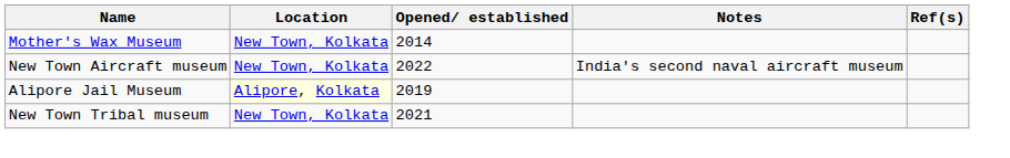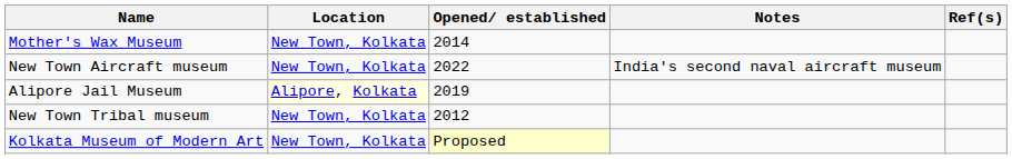 <table class="wikitable">
 <tr>
 <th>Name</th>
 <th>Location</th>
 <th>Opened/ established</th>
 <th>Notes</th>
 <th>Ref(s)</th>
 </tr>
 <tr>
 <td><a href='#'>Mother's Wax Museum</a></td>
 <td><a href='#'>New Town, Kolkata</a></td>
 <td>2014</td>
 <td></td>
 <td></td>
 </tr>
 <tr>
 <td>New Town Aircraft museum</td>
 <td><a href='#'>New Town, Kolkata</a></td>
 <td>2022</td>
 <td>India's second naval aircraft museum</td>
 <td></td>
 </tr>
 <tr>
 <td>Alipore Jail Museum</td>
 <td style="background: lightyellow;"><a href='#'>Alipore</a>, <a href='#'>Kolkata</a></td>
 <td>2019</td>
 <td></td>
 <td></td>
 </tr>
 <tr>
 <td>New Town Tribal museum</td>
 <td><a href='#'>New Town, Kolkata</a></td>
-<td>2021</td>
+<td>2012</td>
+<td></td>
+<td></td>
+</tr>
+<tr>
+<td><a href='#'>Kolkata Museum of Modern Art</a></td>
+<td><a href='#'>New Town, Kolkata</a></td>
+<td style="background:#ffffcb">Proposed</td>
 <td></td>
 <td></td>
 </tr>
 </table>
